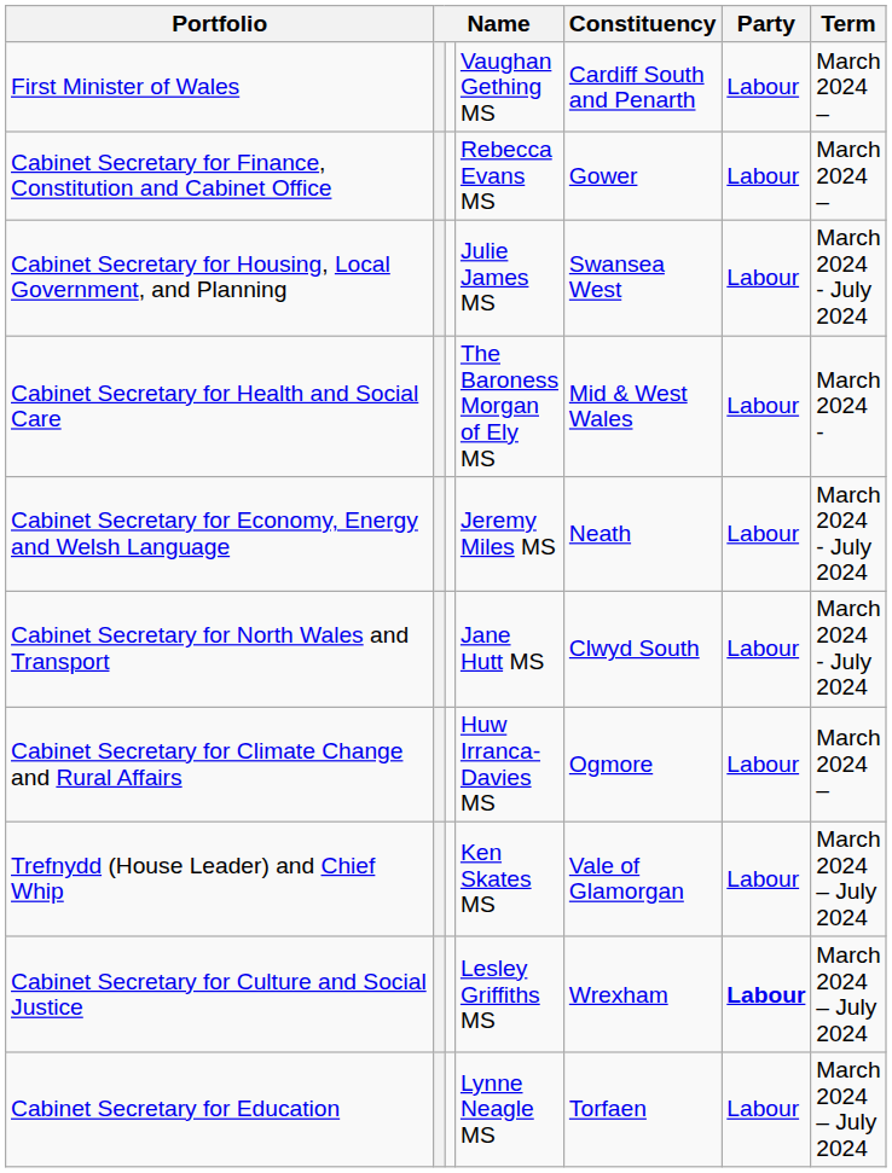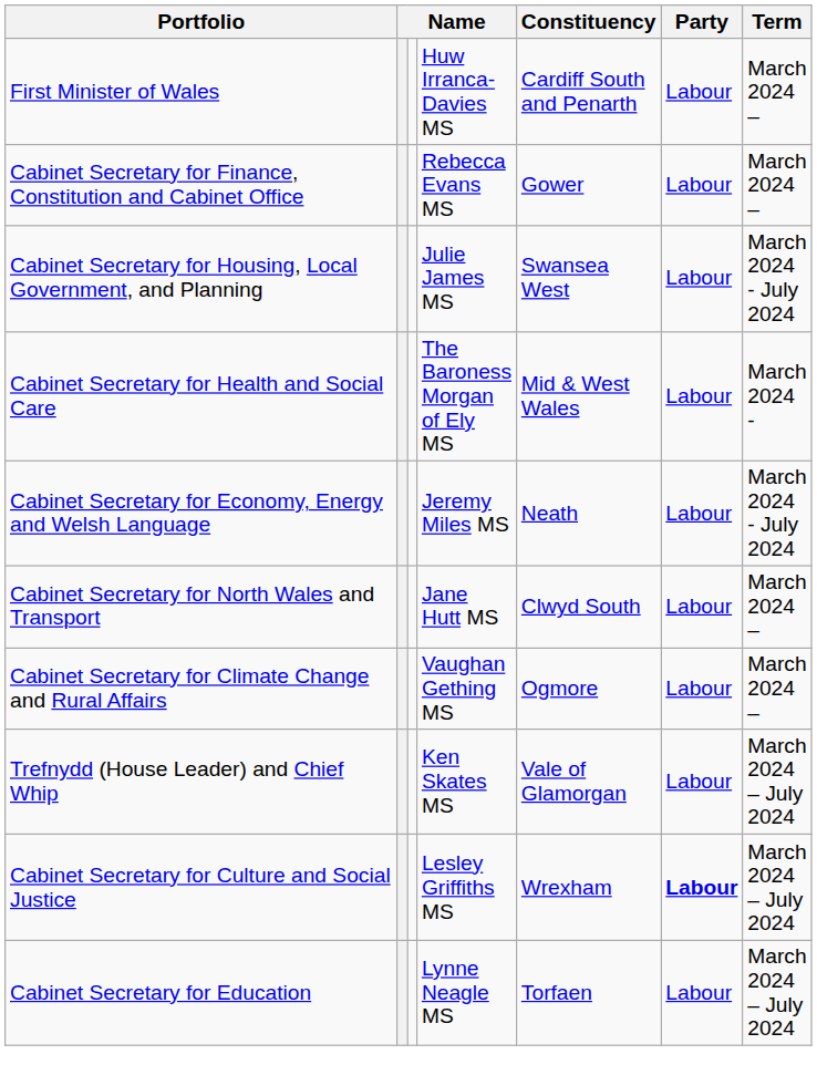 <table class="wikitable">
 <tr>
 <th style="width: 390px">Portfolio</th>
 <th colspan="3">Name</th>
 <th>Constituency</th>
 <th>Party</th>
 <th>Term</th>
 </tr>
 <tr>
 <td><a href='#'>First Minister of Wales</a></td>
 <th style="background-color: "></th>
 <td></td>
-<td><a href='#'>Vaughan Gething</a><br>MS</td>
+<td><a href='#'>Huw Irranca-Davies</a><br>MS</td>
 <td><a href='#'>Cardiff South and Penarth</a></td>
 <td><a href='#'>Labour</a></td>
 <td>March 2024 –</td>
 </tr>
 <tr>
 <td><a href='#'>Cabinet Secretary for Finance</a>, <a href='#'>Constitution and Cabinet Office</a></td>
 <th style="background-color: "></th>
 <td></td>
 <td><a href='#'>Rebecca Evans</a> MS</td>
 <td><a href='#'>Gower</a></td>
 <td><a href='#'>Labour</a></td>
 <td>March 2024 –</td>
 </tr>
 <tr>
 <td><a href='#'>Cabinet Secretary for Housing</a>, <a href='#'>Local Government</a>, and Planning</td>
 <th style="background-color: "></th>
 <td></td>
 <td><a href='#'>Julie James</a> MS</td>
 <td><a href='#'>Swansea West</a></td>
 <td><a href='#'>Labour</a></td>
 <td>March 2024 - July 2024</td>
 </tr>
 <tr>
 <td><a href='#'>Cabinet Secretary for Health and Social Care</a></td>
 <th style="background-color: "></th>
 <td></td>
 <td><a href='#'>The Baroness Morgan of Ely</a> MS</td>
 <td><a href='#'>Mid & West Wales</a></td>
 <td><a href='#'>Labour</a></td>
 <td>March 2024 -</td>
 </tr>
 <tr>
 <td><a href='#'>Cabinet Secretary for Economy, Energy and Welsh Language</a></td>
 <th style="background-color: "></th>
 <td></td>
 <td><a href='#'>Jeremy Miles</a> MS</td>
 <td><a href='#'>Neath</a></td>
 <td><a href='#'>Labour</a></td>
 <td>March 2024 - July 2024</td>
 </tr>
 <tr>
 <td><a href='#'>Cabinet Secretary for North Wales</a> and <a href='#'>Transport</a></td>
 <th style="background-color: "></th>
 <td></td>
 <td><a href='#'>Jane Hutt</a> MS</td>
 <td><a href='#'>Clwyd South</a></td>
 <td><a href='#'>Labour</a></td>
-<td>March 2024 - July 2024</td>
+<td>March 2024 –</td>
 </tr>
 <tr>
 <td><a href='#'>Cabinet Secretary for Climate Change</a> and <a href='#'>Rural Affairs</a></td>
 <th style="background-color: "></th>
 <td></td>
-<td><a href='#'>Huw Irranca-Davies</a><br>MS</td>
+<td><a href='#'>Vaughan Gething</a><br>MS</td>
 <td><a href='#'>Ogmore</a></td>
 <td><a href='#'>Labour</a></td>
 <td>March 2024 –</td>
 </tr>
 <tr>
 <td><a href='#'>Trefnydd</a> (House Leader) and <a href='#'>Chief Whip</a></td>
 <th style="background-color: "></th>
 <td></td>
 <td><a href='#'>Ken Skates</a> MS</td>
 <td><a href='#'>Vale of Glamorgan</a></td>
 <td><a href='#'>Labour</a></td>
 <td>March 2024 – July 2024</td>
 </tr>
 <tr>
 <td><a href='#'>Cabinet Secretary for Culture and Social Justice</a></td>
 <th style="background-color: "></th>
 <td></td>
 <td><a href='#'>Lesley Griffiths</a> MS</td>
 <td><a href='#'>Wrexham</a></td>
 <td><strong><a href='#'>Labour</a></strong></td>
 <td>March 2024 – July 2024</td>
 </tr>
 <tr>
 <td><a href='#'>Cabinet Secretary for Education</a></td>
 <th style="background-color: "></th>
 <td></td>
 <td><a href='#'>Lynne Neagle</a> MS</td>
 <td><a href='#'>Torfaen</a></td>
 <td><a href='#'>Labour</a></td>
 <td>March 2024 – July 2024</td>
 </tr>
 </table>
